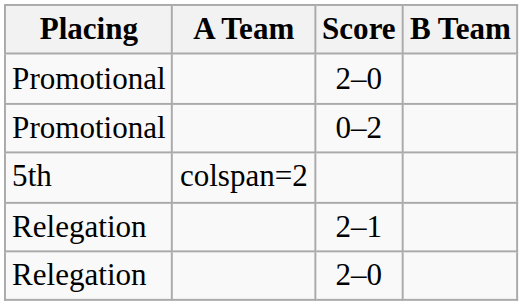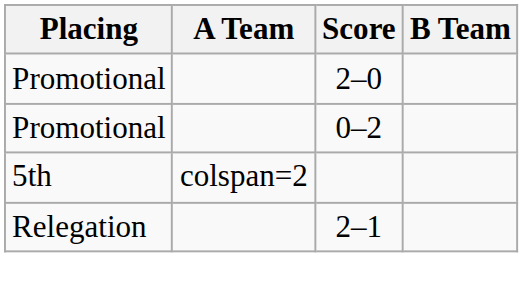 <table class=wikitable style="border:1px solid #AAAAAA;">
 <tr>
 <th>Placing</th>
 <th>A Team</th>
 <th>Score</th>
 <th>B Team</th>
 </tr>
 <tr>
 <td>Promotional</td>
 <td><strong></strong></td>
 <td align="center">2–0</td>
 <td></td>
 </tr>
 <tr>
 <td>Promotional</td>
 <td></td>
 <td align="center">0–2</td>
 <td><strong></strong></td>
 </tr>
 <tr>
 <td>5th</td>
 <td>colspan=2 </td>
 <td></td>
 </tr>
 <tr>
 <td>Relegation</td>
 <td><strong></strong></td>
 <td align="center">2–1</td>
 <td><em></em></td>
 </tr>
-<tr>
-<td>Relegation</td>
-<td><strong></strong></td>
-<td align="center">2–0</td>
-<td><em></em></td>
-</tr>
 </table>
